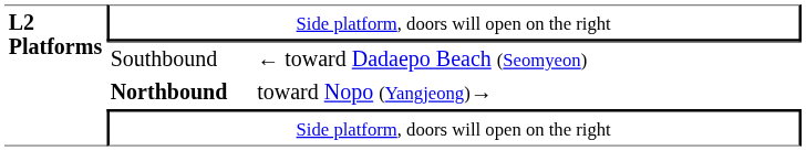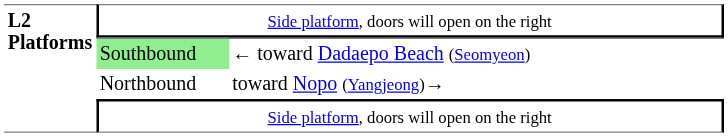 <table table border=0 cellspacing=0 cellpadding=3>
 <tr>
 <td style="border-top:solid 1px gray;border-bottom:solid 1px gray;" width=50 rowspan=10 valign=top><strong>L2<br>Platforms</strong></td>
 <td style="border-top:solid 1px gray;border-right:solid 2px black;border-left:solid 2px black;border-bottom:solid 2px black;text-align:center;" colspan=2><small><a href='#'>Side platform</a>, doors will open on the right</small></td>
 </tr>
 <tr>
-<td style="border-bottom:solid 0px gray;border-top:solid 1px gray;" width=100>Southbound</td>
+<td style="background: lightgreen; border-bottom:solid 0px gray;border-top:solid 1px gray;" width=100>Southbound</td>
 <td style="border-bottom:solid 0px gray;border-top:solid 1px gray;" width=390>←  toward <a href='#'>Dadaepo Beach</a> <small>(<a href='#'>Seomyeon</a>)</small></td>
 </tr>
 <tr>
-<td><strong>Northbound</strong></td>
+<td>Northbound</td>
 <td>  toward <a href='#'>Nopo</a> <small>(<a href='#'>Yangjeong</a>)</small>→</td>
 </tr>
 <tr>
 <td style="border-top:solid 2px black;border-right:solid 2px black;border-left:solid 2px black;border-bottom:solid 1px gray;text-align:center;" colspan=2><small><a href='#'>Side platform</a>, doors will open on the right</small></td>
 </tr>
 </table>
